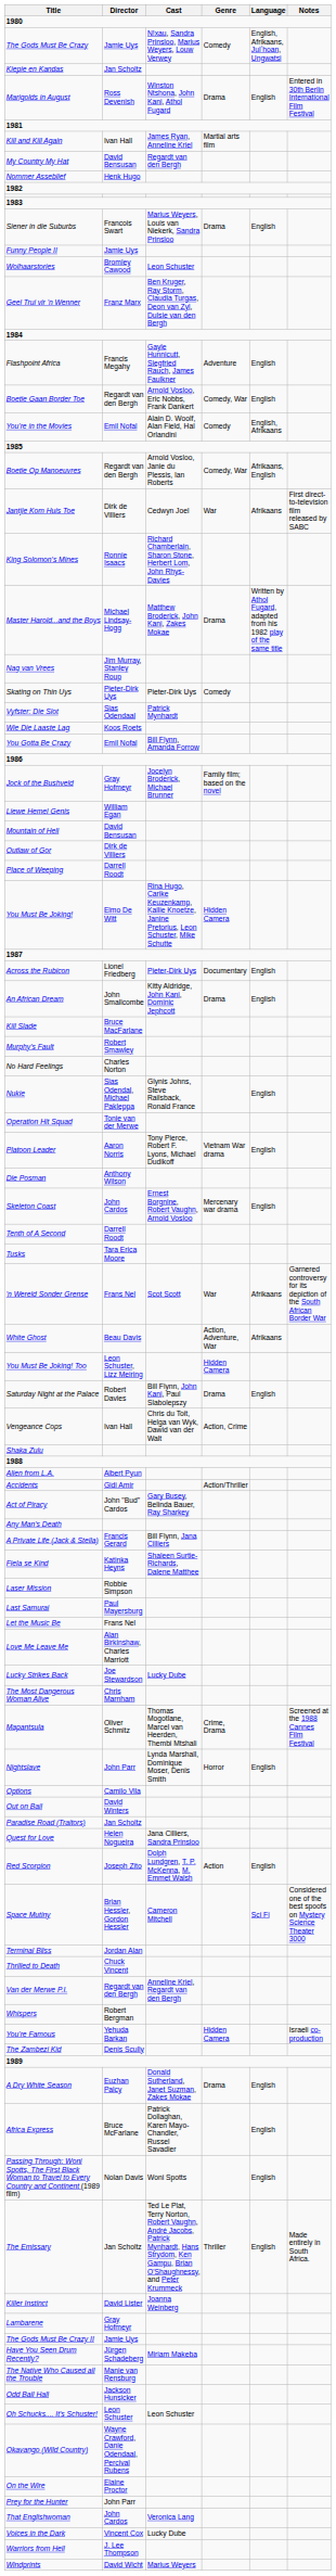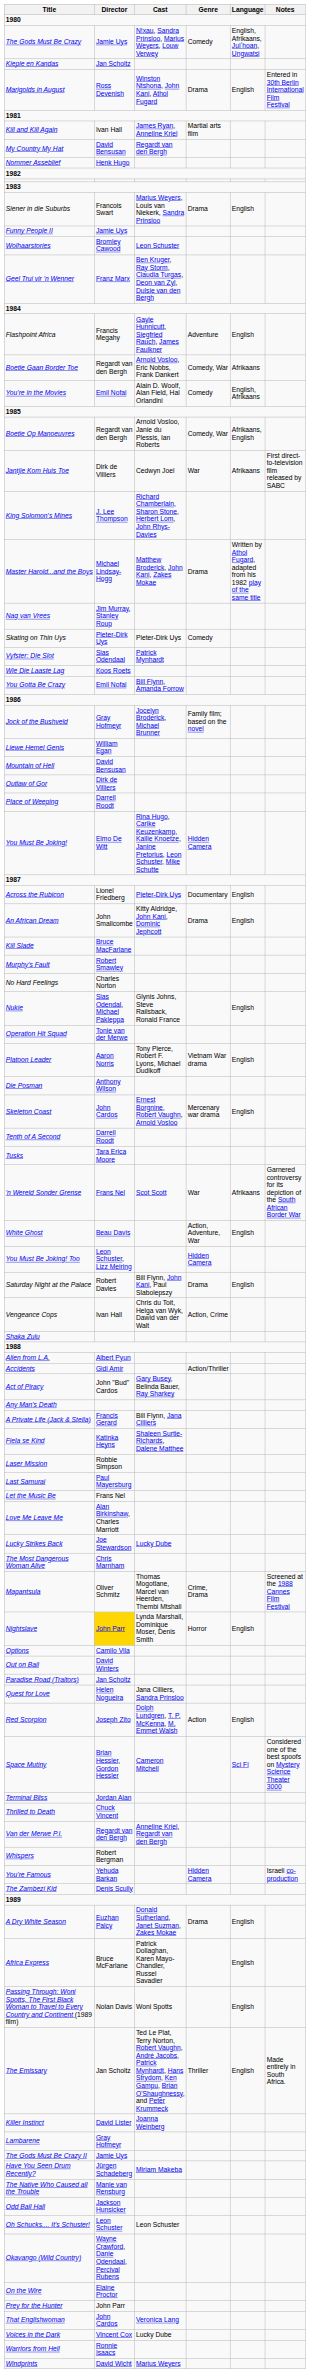 <table class="wikitable" style="width:100%;">
 <tr>
 <th>Title</th>
 <th>Director</th>
 <th>Cast</th>
 <th>Genre</th>
 <th>Language</th>
 <th>Notes</th>
 </tr>
 <tr>
 <td colspan="6" ><strong>1980</strong></td>
 </tr>
 <tr>
 <td><em><a href='#'>The Gods Must Be Crazy</a></em></td>
 <td><a href='#'>Jamie Uys</a></td>
 <td><a href='#'>N!xau</a>, <a href='#'>Sandra Prinsloo</a>, <a href='#'>Marius Weyers</a>, <a href='#'>Louw Verwey</a></td>
 <td>Comedy</td>
 <td>English, Afrikaans, <a href='#'>Juǀʼhoan</a>, <a href='#'>Ungwatsi</a></td>
 <td></td>
 </tr>
 <tr>
 <td><em><a href='#'>Kiepie en Kandas</a></em></td>
 <td><a href='#'>Jan Scholtz</a></td>
 <td></td>
 <td></td>
 <td></td>
 <td></td>
 </tr>
 <tr>
 <td><em><a href='#'>Marigolds in August</a></em></td>
 <td><a href='#'>Ross Devenish</a></td>
 <td><a href='#'>Winston Ntshona</a>, <a href='#'>John Kani</a>, <a href='#'>Athol Fugard</a></td>
 <td>Drama</td>
 <td>English</td>
 <td>Entered in <a href='#'>30th Berlin International Film Festival</a></td>
 </tr>
 <tr>
 <td colspan="6" ><strong>1981</strong></td>
 </tr>
 <tr>
 <td><em><a href='#'>Kill and Kill Again</a></em></td>
 <td>Ivan Hall</td>
 <td><a href='#'>James Ryan</a>, <a href='#'>Anneline Kriel</a></td>
 <td>Martial arts film</td>
 <td></td>
 <td></td>
 </tr>
 <tr>
 <td><em><a href='#'>My Country My Hat</a></em></td>
 <td><a href='#'>David Bensusan</a></td>
 <td><a href='#'>Regardt van den Bergh</a></td>
 <td></td>
 <td></td>
 <td></td>
 </tr>
 <tr>
 <td><em><a href='#'>Nommer Asseblief</a></em></td>
 <td><a href='#'>Henk Hugo</a></td>
 <td></td>
 <td></td>
 <td></td>
 <td></td>
 </tr>
 <tr>
 <td colspan="6" ><strong>1982</strong></td>
 </tr>
 <tr>
 <td><em> </em></td>
 <td></td>
 <td></td>
 <td></td>
 <td></td>
 <td></td>
 </tr>
 <tr>
 <td colspan="6" ><strong>1983</strong></td>
 </tr>
 <tr>
 <td><em>Siener in die Suburbs</em></td>
 <td>Francois Swart</td>
 <td><a href='#'>Marius Weyers</a>, Louis van Niekerk, <a href='#'>Sandra Prinsloo</a></td>
 <td>Drama</td>
 <td>English</td>
 <td></td>
 </tr>
 <tr>
 <td><em><a href='#'>Funny People II</a></em></td>
 <td><a href='#'>Jamie Uys</a></td>
 <td></td>
 <td></td>
 <td></td>
 <td></td>
 </tr>
 <tr>
 <td><em><a href='#'>Wolhaarstories</a></em></td>
 <td><a href='#'>Bromley Cawood</a></td>
 <td><a href='#'>Leon Schuster</a></td>
 <td></td>
 <td></td>
 <td></td>
 </tr>
 <tr>
 <td><em><a href='#'>Geel Trui vir 'n Wenner</a></em></td>
 <td><a href='#'>Franz Marx</a></td>
 <td><a href='#'>Ben Kruger</a>, <a href='#'>Ray Storm</a>, <a href='#'>Claudia Turgas</a>, <a href='#'>Deon van Zyl</a>, <a href='#'>Dulsie van den Bergh</a></td>
 <td></td>
 <td></td>
 <td></td>
 </tr>
 <tr>
 <td colspan="6" ><strong>1984</strong></td>
 </tr>
 <tr>
 <td><em>Flashpoint Africa</em></td>
 <td>Francis Megahy</td>
 <td><a href='#'>Gayle Hunnicutt</a>, <a href='#'>Siegfried Rauch</a>, <a href='#'>James Faulkner</a></td>
 <td>Adventure</td>
 <td>English</td>
 <td></td>
 </tr>
 <tr>
 <td><em><a href='#'>Boetie Gaan Border Toe</a></em></td>
 <td>Regardt van den Bergh</td>
 <td><a href='#'>Arnold Vosloo</a>, Eric Nobbs, Frank Dankert</td>
 <td>Comedy, War</td>
-<td>English</td>
+<td>Afrikaans</td>
 <td></td>
 </tr>
 <tr>
 <td><em><a href='#'>You're in the Movies</a></em></td>
 <td><a href='#'>Emil Nofal</a></td>
 <td>Alain D. Woolf, Alan Field, Hal Orlandini</td>
 <td>Comedy</td>
 <td>English, Afrikaans</td>
 <td></td>
 </tr>
 <tr>
 <td colspan="6" ><strong>1985</strong></td>
 </tr>
 <tr>
 <td><em><a href='#'>Boetie Op Manoeuvres</a></em></td>
 <td>Regardt van den Bergh</td>
 <td>Arnold Vosloo, Janie du Plessis, Ian Roberts</td>
 <td>Comedy, War</td>
 <td>Afrikaans, English</td>
 <td></td>
 </tr>
 <tr>
 <td><em><a href='#'>Jantjie Kom Huis Toe</a></em></td>
 <td>Dirk de Villiers</td>
 <td>Cedwyn Joel</td>
 <td>War</td>
 <td>Afrikaans</td>
 <td>First direct-to-television film released by SABC</td>
 </tr>
 <tr>
 <td><em><a href='#'>King Solomon's Mines</a></em></td>
-<td><a href='#'>Ronnie Isaacs</a></td>
+<td><a href='#'>J. Lee Thompson</a></td>
 <td><a href='#'>Richard Chamberlain</a>, <a href='#'>Sharon Stone</a>, <a href='#'>Herbert Lom</a>, <a href='#'>John Rhys-Davies</a></td>
 <td></td>
 <td></td>
 <td></td>
 </tr>
 <tr>
 <td nowrap><em><a href='#'>Master Harold...and the Boys</a></em></td>
 <td><a href='#'>Michael Lindsay-Hogg</a></td>
 <td><a href='#'>Matthew Broderick</a>, <a href='#'>John Kani</a>, <a href='#'>Zakes Mokae</a></td>
 <td>Drama</td>
 <td>Written by <a href='#'>Athol Fugard</a>, adapted from his 1982 <a href='#'>play of the same title</a></td>
 <td></td>
 </tr>
 <tr>
 <td><em><a href='#'>Nag van Vrees</a></em></td>
 <td><a href='#'>Jim Murray</a>, <a href='#'>Stanley Roup</a></td>
 <td></td>
 <td></td>
 <td></td>
 <td></td>
 </tr>
 <tr>
 <td><em>Skating on Thin Uys</em></td>
 <td><a href='#'>Pieter-Dirk Uys</a></td>
 <td>Pieter-Dirk Uys</td>
 <td>Comedy</td>
 <td></td>
 <td></td>
 </tr>
 <tr>
 <td><em><a href='#'>Vyfster: Die Slot</a></em></td>
 <td><a href='#'>Sias Odendaal</a></td>
 <td><a href='#'>Patrick Mynhardt</a></td>
 <td></td>
 <td></td>
 <td></td>
 </tr>
 <tr>
 <td><em><a href='#'>Wie Die Laaste Lag</a></em></td>
 <td><a href='#'>Koos Roets</a></td>
 <td></td>
 <td></td>
 <td></td>
 <td></td>
 </tr>
 <tr>
 <td><em><a href='#'>You Gotta Be Crazy</a></em></td>
 <td><a href='#'>Emil Nofal</a></td>
 <td><a href='#'>Bill Flynn</a>, <a href='#'>Amanda Forrow</a></td>
 <td></td>
 <td></td>
 <td></td>
 </tr>
 <tr>
 <td colspan="6" ><strong>1986</strong></td>
 </tr>
 <tr>
 <td><em><a href='#'>Jock of the Bushveld</a></em></td>
 <td><a href='#'>Gray Hofmeyr</a></td>
 <td><a href='#'>Jocelyn Broderick</a>, <a href='#'>Michael Brunner</a></td>
 <td>Family film; based on the <a href='#'>novel</a></td>
 <td></td>
 <td></td>
 </tr>
 <tr>
 <td><em><a href='#'>Liewe Hemel Genis</a></em></td>
 <td><a href='#'>William Egan</a></td>
 <td></td>
 <td></td>
 <td></td>
 <td></td>
 </tr>
 <tr>
 <td><em><a href='#'>Mountain of Hell</a></em></td>
 <td><a href='#'>David Bensusan</a></td>
 <td></td>
 <td></td>
 <td></td>
 <td></td>
 </tr>
 <tr>
 <td><em><a href='#'>Outlaw of Gor</a></em></td>
 <td><a href='#'>Dirk de Villiers</a></td>
 <td></td>
 <td></td>
 <td></td>
 <td></td>
 </tr>
 <tr>
 <td><em><a href='#'>Place of Weeping</a></em></td>
 <td><a href='#'>Darrell Roodt</a></td>
 <td></td>
 <td></td>
 <td></td>
 <td></td>
 </tr>
 <tr>
 <td><em><a href='#'>You Must Be Joking!</a></em></td>
 <td><a href='#'>Elmo De Witt</a></td>
 <td><a href='#'>Rina Hugo</a>, <a href='#'>Carike Keuzenkamp</a>, <a href='#'>Kallie Knoetze</a>, <a href='#'>Janine Pretorius</a>, <a href='#'>Leon Schuster</a>, <a href='#'>Mike Schutte</a></td>
 <td><a href='#'>Hidden Camera</a></td>
 <td></td>
 <td></td>
 </tr>
 <tr>
 <td colspan="6" ><strong>1987</strong></td>
 </tr>
 <tr>
 <td><em><a href='#'>Across the Rubicon</a></em></td>
 <td>Lionel Friedberg</td>
 <td><a href='#'>Pieter-Dirk Uys</a></td>
 <td>Documentary</td>
 <td>English</td>
 <td></td>
 </tr>
 <tr>
 <td><em><a href='#'>An African Dream</a></em></td>
 <td>John Smallcombe</td>
 <td>Kitty Aldridge, <a href='#'>John Kani</a>, <a href='#'>Dominic Jephcott</a></td>
 <td>Drama</td>
 <td>English</td>
 <td></td>
 </tr>
 <tr>
 <td><em><a href='#'>Kill Slade</a></em></td>
 <td><a href='#'>Bruce MacFarlane</a></td>
 <td></td>
 <td></td>
 <td></td>
 <td></td>
 </tr>
 <tr>
 <td><em><a href='#'>Murphy's Fault</a></em></td>
 <td><a href='#'>Robert Smawley</a></td>
 <td></td>
 <td></td>
 <td></td>
 <td></td>
 </tr>
 <tr>
 <td><em>No Hard Feelings</em></td>
 <td>Charles Norton</td>
 <td></td>
 <td></td>
 <td></td>
 <td></td>
 </tr>
 <tr>
 <td><em><a href='#'>Nukie</a></em></td>
 <td><a href='#'>Sias Odendal</a>, <a href='#'>Michael Pakleppa</a></td>
 <td>Glynis Johns, Steve Railsback, Ronald France</td>
 <td></td>
 <td>English</td>
 <td></td>
 </tr>
 <tr>
 <td><em><a href='#'>Operation Hit Squad</a></em></td>
 <td><a href='#'>Tonie van der Merwe</a></td>
 <td></td>
 <td></td>
 <td></td>
 <td></td>
 </tr>
 <tr>
 <td><em><a href='#'>Platoon Leader</a></em></td>
 <td><a href='#'>Aaron Norris</a></td>
 <td>Tony Pierce, Robert F. Lyons, Michael Dudikoff</td>
 <td>Vietnam War drama</td>
 <td>English</td>
 <td></td>
 </tr>
 <tr>
 <td><em><a href='#'>Die Posman</a></em></td>
 <td><a href='#'>Anthony Wilson</a></td>
 <td></td>
 <td></td>
 <td></td>
 <td></td>
 </tr>
 <tr>
 <td><em><a href='#'>Skeleton Coast</a></em></td>
 <td><a href='#'>John Cardos</a></td>
 <td><a href='#'>Ernest Borgnine</a>, <a href='#'>Robert Vaughn</a>, <a href='#'>Arnold Vosloo</a></td>
 <td>Mercenary war drama</td>
 <td>English</td>
 <td></td>
 </tr>
 <tr>
 <td><em><a href='#'>Tenth of A Second</a></em></td>
 <td><a href='#'>Darrell Roodt</a></td>
 <td></td>
 <td></td>
 <td></td>
 <td></td>
 </tr>
 <tr>
 <td><em><a href='#'>Tusks</a></em></td>
 <td><a href='#'>Tara Erica Moore</a></td>
 <td></td>
 <td></td>
 <td></td>
 <td></td>
 </tr>
 <tr>
 <td><em><a href='#'>'n Wereld Sonder Grense</a></em></td>
 <td><a href='#'>Frans Nel</a></td>
 <td><a href='#'>Scot Scott</a></td>
 <td>War</td>
 <td>Afrikaans</td>
 <td>Garnered controversy for its depiction of the <a href='#'>South African Border War</a></td>
 </tr>
 <tr>
 <td><em><a href='#'>White Ghost</a></em></td>
 <td><a href='#'>Beau Davis</a></td>
 <td></td>
 <td>Action, Adventure, War</td>
-<td>Afrikaans</td>
+<td>English</td>
 <td></td>
 </tr>
 <tr>
 <td><em><a href='#'>You Must Be Joking! Too</a></em></td>
 <td><a href='#'>Leon Schuster</a>, <a href='#'>Lizz Meiring</a></td>
 <td></td>
 <td><a href='#'>Hidden Camera</a></td>
 <td></td>
 <td></td>
 </tr>
 <tr>
 <td><em>Saturday Night at the Palace</em></td>
 <td>Robert Davies</td>
 <td>Bill Flynn, <a href='#'>John Kani</a>, Paul Slabolepszy</td>
 <td>Drama</td>
 <td>English</td>
 <td></td>
 </tr>
 <tr>
 <td><em>Vengeance Cops</em></td>
 <td>Ivan Hall</td>
 <td>Chris du Toit, Helga van Wyk, Dawid van der Walt</td>
 <td>Action, Crime</td>
 <td></td>
 <td></td>
 </tr>
 <tr>
 <td><em><a href='#'>Shaka Zulu</a></em></td>
 <td></td>
 <td></td>
 <td></td>
 <td></td>
 <td></td>
 </tr>
 <tr>
 <td colspan="6" ><strong>1988</strong></td>
 </tr>
 <tr>
 <td><em><a href='#'>Alien from L.A.</a></em></td>
 <td><a href='#'>Albert Pyun</a></td>
 <td></td>
 <td></td>
 <td></td>
 <td></td>
 </tr>
 <tr>
 <td><em><a href='#'>Accidents</a></em></td>
 <td><a href='#'>Gidi Amir</a></td>
 <td></td>
 <td>Action/Thriller</td>
 <td></td>
 <td></td>
 </tr>
 <tr>
 <td><em><a href='#'>Act of Piracy</a></em></td>
 <td>John "Bud" Cardos</td>
 <td><a href='#'>Gary Busey</a>, Belinda Bauer, <a href='#'>Ray Sharkey</a></td>
 <td></td>
 <td></td>
 <td></td>
 </tr>
 <tr>
 <td><em><a href='#'>Any Man's Death</a></em></td>
 <td></td>
 <td></td>
 <td></td>
 <td></td>
 <td></td>
 </tr>
 <tr>
 <td><em><a href='#'>A Private Life (Jack & Stella)</a></em></td>
 <td><a href='#'>Francis Gerard</a></td>
 <td>Bill Flynn, <a href='#'>Jana Cilliers</a></td>
 <td></td>
 <td></td>
 <td></td>
 </tr>
 <tr>
 <td><em><a href='#'>Fiela se Kind</a></em></td>
 <td><a href='#'>Katinka Heyns</a></td>
 <td><a href='#'>Shaleen Surtie-Richards</a>, <a href='#'>Dalene Matthee</a></td>
 <td></td>
 <td></td>
 <td></td>
 </tr>
 <tr>
 <td><em><a href='#'>Laser Mission</a></em></td>
 <td>Robbie Simpson</td>
 <td></td>
 <td></td>
 <td></td>
 <td></td>
 </tr>
 <tr>
 <td><em><a href='#'>Last Samurai</a></em></td>
 <td><a href='#'>Paul Mayersburg</a></td>
 <td></td>
 <td></td>
 <td></td>
 <td></td>
 </tr>
 <tr>
 <td><em><a href='#'>Let the Music Be</a></em></td>
 <td>Frans Nel</td>
 <td></td>
 <td></td>
 <td></td>
 <td></td>
 </tr>
 <tr>
 <td><em><a href='#'>Love Me Leave Me</a></em></td>
 <td><a href='#'>Alan Birkinshaw</a>, Charles Marriott</td>
 <td></td>
 <td></td>
 <td></td>
 <td></td>
 </tr>
 <tr>
 <td><em><a href='#'>Lucky Strikes Back</a></em></td>
 <td><a href='#'>Joe Stewardson</a></td>
 <td><a href='#'>Lucky Dube</a></td>
 <td></td>
 <td></td>
 <td></td>
 </tr>
 <tr>
 <td><em><a href='#'>The Most Dangerous Woman Alive</a></em></td>
 <td><a href='#'>Chris Marnham</a></td>
 <td></td>
 <td></td>
 <td></td>
 <td></td>
 </tr>
 <tr>
 <td><em><a href='#'>Mapantsula</a></em></td>
 <td>Oliver Schmitz</td>
 <td>Thomas Mogotlane, Marcel van Heerden, Thembi Mtshali</td>
 <td>Crime, Drama</td>
 <td></td>
 <td>Screened at the <a href='#'>1988 Cannes Film Festival</a></td>
 </tr>
 <tr>
 <td><em><a href='#'>Nightslave</a></em></td>
-<td><a href='#'>John Parr</a></td>
+<td style="background: gold;"><a href='#'>John Parr</a></td>
 <td>Lynda Marshall, Dominique Moser, Denis Smith</td>
 <td>Horror</td>
 <td>English</td>
 <td></td>
 </tr>
 <tr>
 <td><em><a href='#'>Options</a></em></td>
 <td><a href='#'>Camilo Vila</a></td>
 <td></td>
 <td></td>
 <td></td>
 <td></td>
 </tr>
 <tr>
 <td><em><a href='#'>Out on Bail</a></em></td>
 <td><a href='#'>David Winters</a></td>
 <td></td>
 <td></td>
 <td></td>
 <td></td>
 </tr>
 <tr>
 <td><em><a href='#'>Paradise Road (Traitors)</a></em></td>
 <td><a href='#'>Jan Scholtz</a></td>
 <td></td>
 <td></td>
 <td></td>
 <td></td>
 </tr>
 <tr>
 <td><em><a href='#'>Quest for Love</a></em></td>
 <td><a href='#'>Helen Nogueira</a></td>
 <td>Jana Cilliers, <a href='#'>Sandra Prinsloo</a></td>
 <td></td>
 <td></td>
 <td></td>
 </tr>
 <tr>
 <td><em><a href='#'>Red Scorpion</a></em></td>
 <td><a href='#'>Joseph Zito</a></td>
 <td><a href='#'>Dolph Lundgren</a>, <a href='#'>T. P. McKenna</a>, <a href='#'>M. Emmet Walsh</a></td>
 <td>Action</td>
 <td>English</td>
 <td></td>
 </tr>
 <tr>
 <td><em><a href='#'>Space Mutiny</a></em></td>
 <td><a href='#'>Brian Hessler</a>, <a href='#'>Gordon Hessler</a></td>
 <td><a href='#'>Cameron Mitchell</a></td>
 <td></td>
 <td><a href='#'>Sci Fi</a></td>
 <td>Considered one of the best spoofs on <a href='#'>Mystery Science Theater 3000</a></td>
 </tr>
 <tr>
 <td><em><a href='#'>Terminal Bliss</a></em></td>
 <td><a href='#'>Jordan Alan</a></td>
 <td></td>
 <td></td>
 <td></td>
 <td></td>
 </tr>
 <tr>
 <td><em><a href='#'>Thrilled to Death</a></em></td>
 <td><a href='#'>Chuck Vincent</a></td>
 <td></td>
 <td></td>
 <td></td>
 <td></td>
 </tr>
 <tr>
 <td><em><a href='#'>Van der Merwe P.I.</a></em></td>
 <td><a href='#'>Regardt van den Bergh</a></td>
 <td><a href='#'>Anneline Kriel</a>, <a href='#'>Regardt van den Bergh</a></td>
 <td></td>
 <td></td>
 <td></td>
 </tr>
 <tr>
 <td><em><a href='#'>Whispers</a></em></td>
 <td>Robert Bergman</td>
 <td></td>
 <td></td>
 <td></td>
 <td></td>
 </tr>
 <tr>
 <td><em><a href='#'>You're Famous</a></em></td>
 <td><a href='#'>Yehuda Barkan</a></td>
 <td></td>
 <td><a href='#'>Hidden Camera</a></td>
 <td></td>
 <td>Israeli <a href='#'>co-production</a></td>
 </tr>
 <tr>
 <td><em><a href='#'>The Zambezi Kid</a></em></td>
 <td><a href='#'>Denis Scully</a></td>
 <td></td>
 <td></td>
 <td></td>
 <td></td>
 </tr>
 <tr>
 <td colspan="6" ><strong>1989</strong></td>
 </tr>
 <tr>
 <td><em><a href='#'>A Dry White Season</a></em></td>
 <td><a href='#'>Euzhan Palcy</a></td>
 <td><a href='#'>Donald Sutherland</a>, <a href='#'>Janet Suzman</a>, <a href='#'>Zakes Mokae</a></td>
 <td>Drama</td>
 <td>English</td>
 <td></td>
 </tr>
 <tr>
 <td><em><a href='#'>Africa Express</a></em></td>
 <td>Bruce McFarlane</td>
 <td>Patrick Dollaghan, Karen Mayo-Chandler, Russel Savadier</td>
 <td></td>
 <td>English</td>
 <td></td>
 </tr>
 <tr>
 <td><em><a href='#'>Passing Through: Woni Spotts, The First Black Woman to Travel to Every Country and Continent </a></em> (1989 film)</td>
 <td>Nolan Davis</td>
 <td>Woni Spotts</td>
 <td></td>
 <td>English</td>
 <td></td>
 </tr>
 <tr>
 <td><em><a href='#'>The Emissary</a></em></td>
 <td>Jan Scholtz</td>
 <td>Ted Le Plat, Terry Norton, <a href='#'>Robert Vaughn</a>, <a href='#'>André Jacobs</a>, <a href='#'>Patrick Mynhardt</a>, <a href='#'>Hans Strydom</a>, <a href='#'>Ken Gampu</a>, <a href='#'>Brian O'Shaughnessy</a>, and <a href='#'>Peter Krummeck</a></td>
 <td>Thriller</td>
 <td>English</td>
 <td>Made entirely in South Africa.</td>
 </tr>
 <tr>
 <td><em><a href='#'>Killer Instinct</a></em></td>
 <td><a href='#'>David Lister</a></td>
 <td><a href='#'>Joanna Weinberg</a></td>
 <td></td>
 <td></td>
 <td></td>
 </tr>
 <tr>
 <td><em><a href='#'>Lambarene</a></em></td>
 <td><a href='#'>Gray Hofmeyr</a></td>
 <td></td>
 <td></td>
 <td></td>
 <td></td>
 </tr>
 <tr>
 <td><em><a href='#'>The Gods Must Be Crazy II</a></em></td>
 <td><a href='#'>Jamie Uys</a></td>
 <td></td>
 <td></td>
 <td></td>
 <td></td>
 </tr>
 <tr>
 <td><em><a href='#'>Have You Seen Drum Recently?</a></em></td>
 <td><a href='#'>Jürgen Schadeberg</a></td>
 <td><a href='#'>Miriam Makeba</a></td>
 <td></td>
 <td></td>
 <td></td>
 </tr>
 <tr>
 <td><em><a href='#'>The Native Who Caused all the Trouble</a></em></td>
 <td><a href='#'>Manie van Rensburg</a></td>
 <td></td>
 <td></td>
 <td></td>
 <td></td>
 </tr>
 <tr>
 <td><em><a href='#'>Odd Ball Hall</a></em></td>
 <td><a href='#'>Jackson Hunsicker</a></td>
 <td></td>
 <td></td>
 <td></td>
 <td></td>
 </tr>
 <tr>
 <td><em><a href='#'>Oh Schucks.... It's Schuster!</a></em></td>
 <td><a href='#'>Leon Schuster</a></td>
 <td>Leon Schuster</td>
 <td></td>
 <td></td>
 <td></td>
 </tr>
 <tr>
 <td><em><a href='#'>Okavango (Wild Country)</a></em></td>
 <td><a href='#'>Wayne Crawford</a>, <a href='#'>Danie Odendaal</a>, <a href='#'>Percival Rubens</a></td>
 <td></td>
 <td></td>
 <td></td>
 <td></td>
 </tr>
 <tr>
 <td><em><a href='#'>On the Wire</a></em></td>
 <td><a href='#'>Elaine Proctor</a></td>
 <td></td>
 <td></td>
 <td></td>
 <td></td>
 </tr>
 <tr>
 <td><em><a href='#'>Prey for the Hunter</a></em></td>
 <td>John Parr</td>
 <td></td>
 <td></td>
 <td></td>
 <td></td>
 </tr>
 <tr>
 <td><em><a href='#'>That Englishwoman</a></em></td>
 <td><a href='#'>John Cardos</a></td>
 <td><a href='#'>Veronica Lang</a></td>
 <td></td>
 <td></td>
 <td></td>
 </tr>
 <tr>
 <td><em><a href='#'>Voices in the Dark</a></em></td>
 <td><a href='#'>Vincent Cox</a></td>
 <td>Lucky Dube</td>
 <td></td>
 <td></td>
 <td></td>
 </tr>
 <tr>
 <td><em><a href='#'>Warriors from Hell</a></em></td>
-<td><a href='#'>J. Lee Thompson</a></td>
+<td><a href='#'>Ronnie Isaacs</a></td>
 <td></td>
 <td></td>
 <td></td>
 <td></td>
 </tr>
 <tr>
 <td><em><a href='#'>Windprints</a></em></td>
 <td><a href='#'>David Wicht</a></td>
 <td><a href='#'>Marius Weyers</a></td>
 <td></td>
 <td></td>
 <td></td>
 </tr>
 </table>
